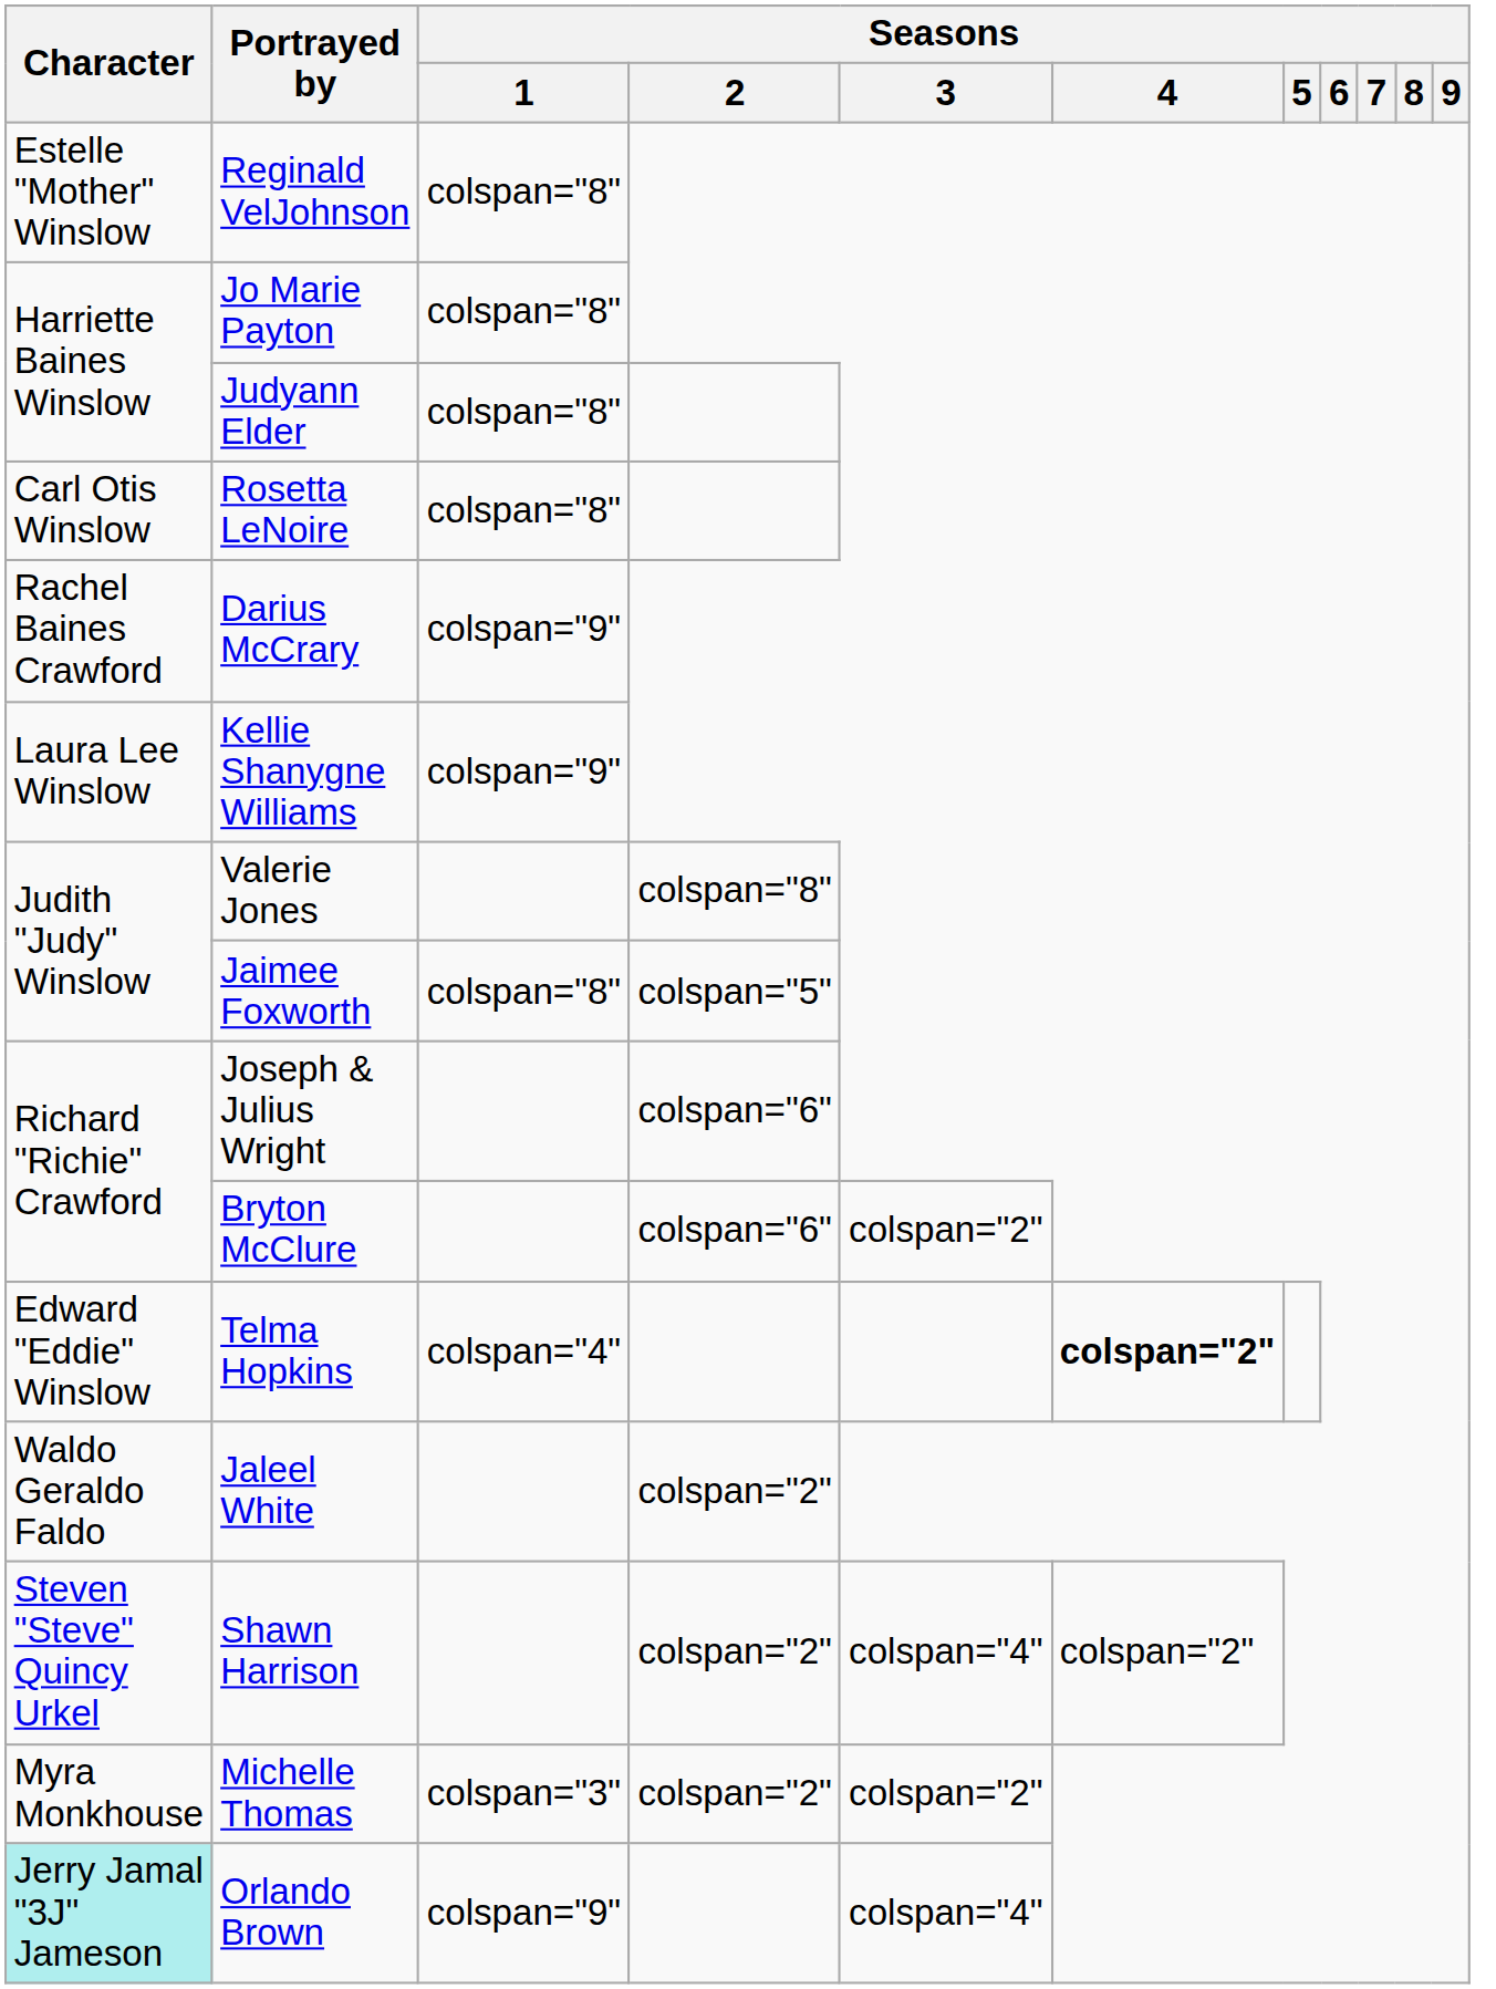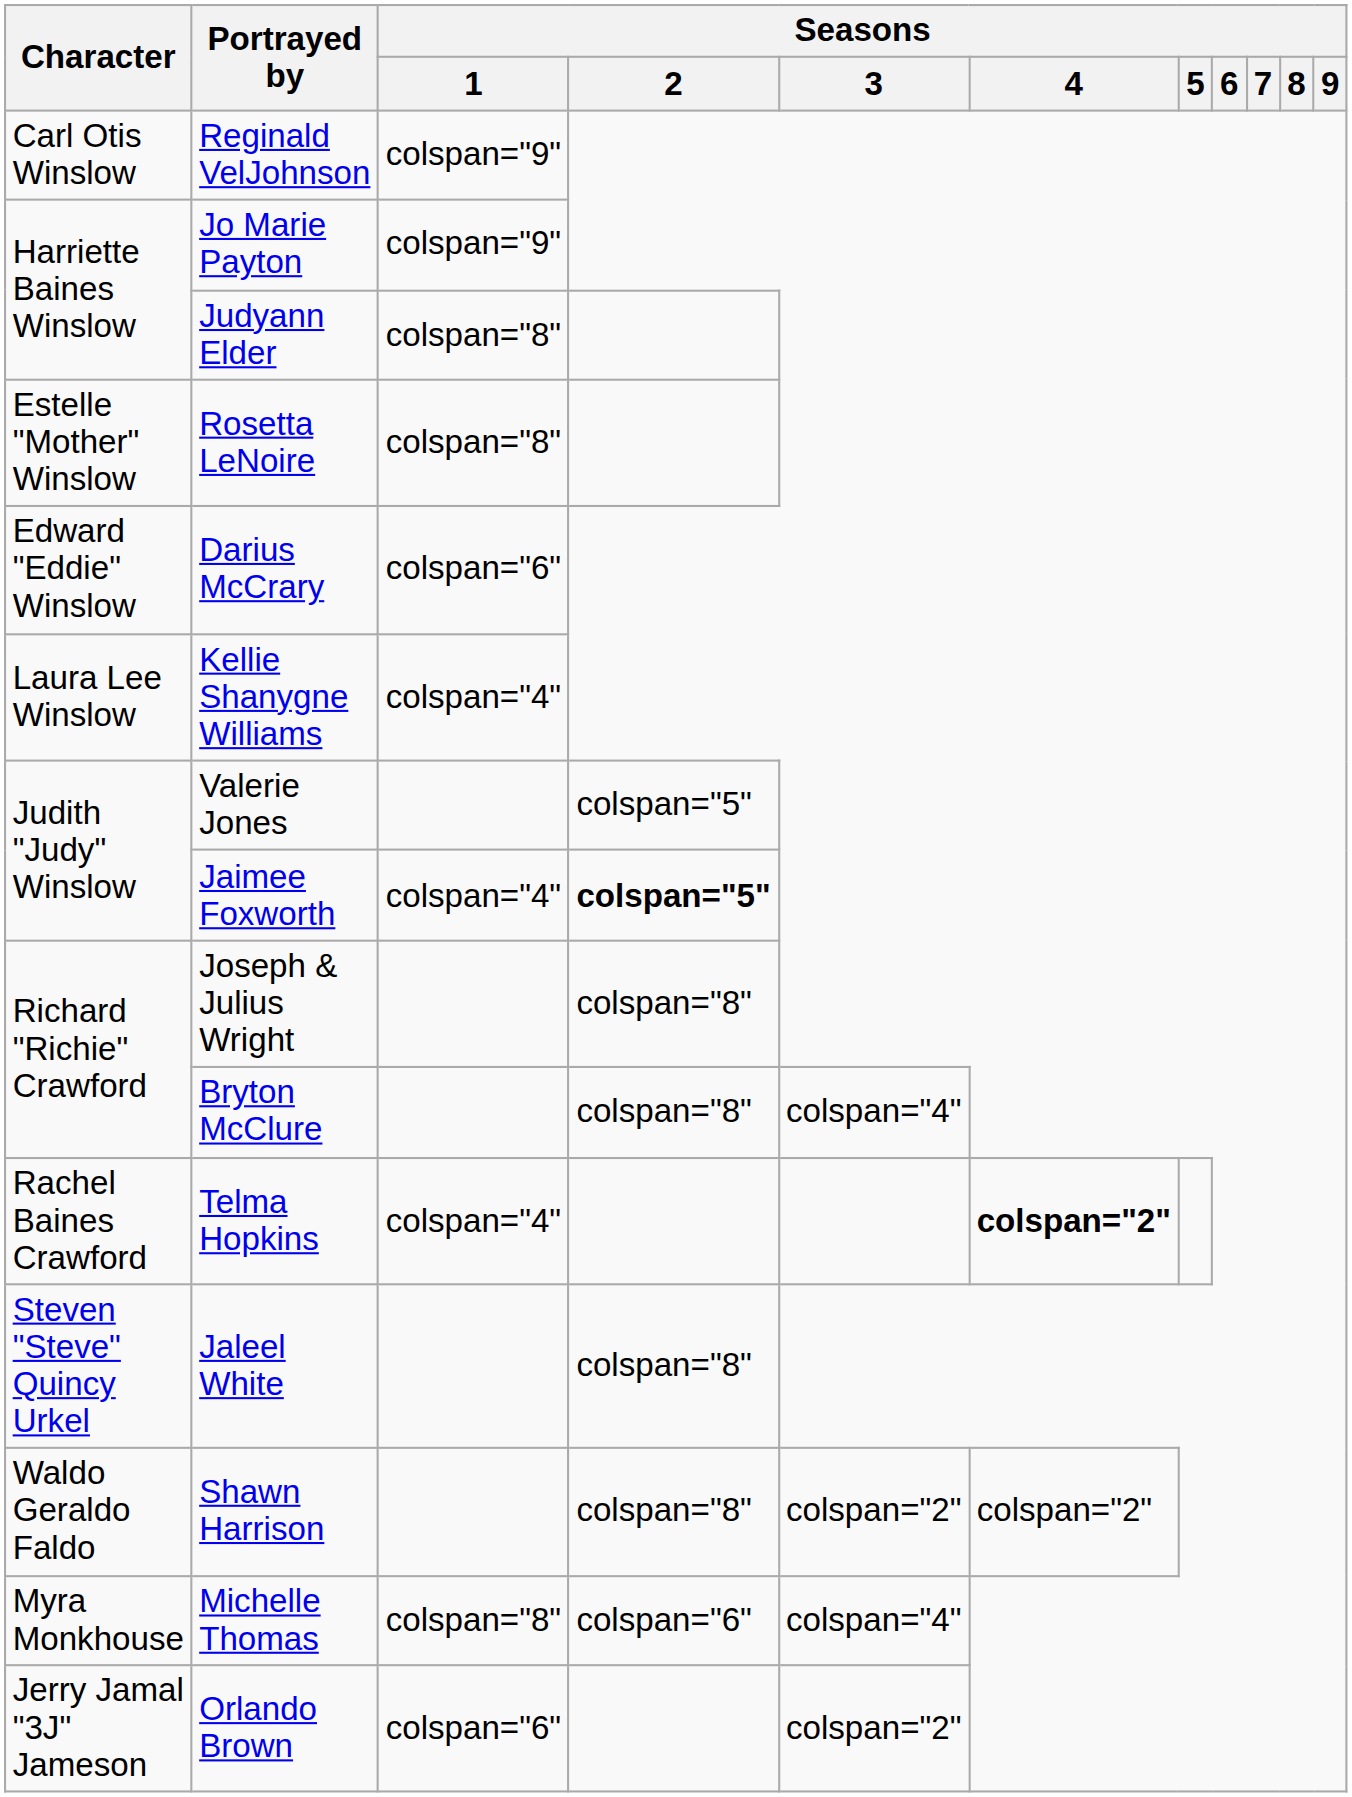 <table class="wikitable plainrowheaders">
 <tr>
 <th rowspan="2" width=25%>Character</th>
 <th rowspan="2" width=25%>Portrayed by</th>
 <th colspan="9">Seasons</th>
 </tr>
 <tr>
 <th width="5%">1</th>
 <th width="5%">2</th>
 <th width="5%">3</th>
 <th width="5%">4</th>
 <th width="5%">5</th>
 <th width="5%">6</th>
 <th width="5%">7</th>
 <th width="5%">8</th>
 <th width="5%">9</th>
 </tr>
 <tr>
-<td>Estelle "Mother" Winslow</td>
+<td>Carl Otis Winslow</td>
 <td><a href='#'>Reginald VelJohnson</a></td>
-<td>colspan="8" </td>
+<td>colspan="9" </td>
 </tr>
 <tr>
 <td rowspan="2">Harriette Baines Winslow</td>
 <td><a href='#'>Jo Marie Payton</a></td>
-<td>colspan="8" </td>
+<td>colspan="9" </td>
 </tr>
 <tr>
 <td><a href='#'>Judyann Elder</a></td>
 <td>colspan="8" </td>
 <td></td>
 </tr>
 <tr>
-<td>Carl Otis Winslow</td>
+<td>Estelle "Mother" Winslow</td>
 <td><a href='#'>Rosetta LeNoire</a></td>
 <td>colspan="8" </td>
 <td></td>
 </tr>
 <tr>
-<td>Rachel Baines Crawford</td>
+<td>Edward "Eddie" Winslow</td>
 <td><a href='#'>Darius McCrary</a></td>
-<td>colspan="9" </td>
+<td>colspan="6" </td>
 </tr>
 <tr>
 <td>Laura Lee Winslow</td>
 <td><a href='#'>Kellie Shanygne Williams</a></td>
-<td>colspan="9" </td>
+<td>colspan="4" </td>
 </tr>
 <tr>
 <td rowspan="2">Judith "Judy" Winslow</td>
 <td>Valerie Jones</td>
 <td></td>
-<td>colspan="8" </td>
+<td>colspan="5" </td>
 </tr>
 <tr>
 <td><a href='#'>Jaimee Foxworth</a></td>
-<td>colspan="8" </td>
-<td>colspan="5" </td>
+<td>colspan="4" </td>
+<td><strong>colspan="5" </strong></td>
 </tr>
 <tr>
 <td rowspan="2">Richard "Richie" Crawford</td>
 <td>Joseph & Julius Wright</td>
 <td></td>
-<td>colspan="6" </td>
+<td>colspan="8" </td>
 </tr>
 <tr>
 <td><a href='#'>Bryton McClure</a></td>
 <td></td>
-<td>colspan="6" </td>
-<td>colspan="2" </td>
+<td>colspan="8" </td>
+<td>colspan="4" </td>
 </tr>
 <tr>
-<td>Edward "Eddie" Winslow</td>
+<td>Rachel Baines Crawford</td>
 <td><a href='#'>Telma Hopkins</a></td>
 <td>colspan="4" </td>
 <td></td>
 <td></td>
 <td><strong>colspan="2" </strong></td>
 <td></td>
 </tr>
 <tr>
-<td>Waldo Geraldo Faldo</td>
+<td><a href='#'>Steven "Steve" Quincy Urkel</a></td>
 <td><a href='#'>Jaleel White</a></td>
 <td></td>
-<td>colspan="2" </td>
+<td>colspan="8" </td>
 </tr>
 <tr>
-<td><a href='#'>Steven "Steve" Quincy Urkel</a></td>
+<td>Waldo Geraldo Faldo</td>
 <td><a href='#'>Shawn Harrison</a></td>
 <td></td>
+<td>colspan="8" </td>
 <td>colspan="2" </td>
-<td>colspan="4" </td>
 <td>colspan="2" </td>
 </tr>
 <tr>
 <td>Myra Monkhouse</td>
 <td><a href='#'>Michelle Thomas</a></td>
-<td>colspan="3" </td>
-<td>colspan="2" </td>
+<td>colspan="8" </td>
+<td>colspan="6" </td>
+<td>colspan="4" </td>
+</tr>
+<tr>
+<td>Jerry Jamal "3J" Jameson</td>
+<td><a href='#'>Orlando Brown</a></td>
+<td>colspan="6" </td>
+<td></td>
 <td>colspan="2" </td>
 </tr>
-<tr>
-<td style="background: paleturquoise;">Jerry Jamal "3J" Jameson</td>
-<td><a href='#'>Orlando Brown</a></td>
-<td>colspan="9" </td>
-<td></td>
-<td>colspan="4" </td>
-</tr>
 </table>
